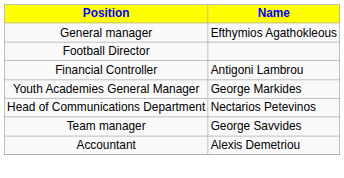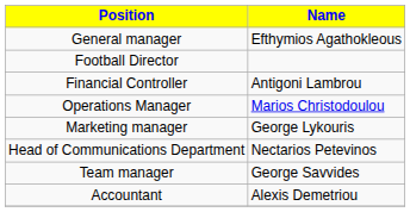 <table class="wikitable plainrowheaders sortable">
 <tr>
 <th style="background:#FFFF00; color:	#0000FF; ">Position</th>
 <th style="background:#FFFF00; color:	#0000FF; ">Name</th>
 </tr>
 <tr>
 <td align=center>General manager</td>
 <td align=left> Efthymios Agathokleous</td>
 </tr>
 <tr>
 <td align=center>Football Director</td>
 <td></td>
 </tr>
 <tr>
 <td align=center>Financial Controller</td>
 <td align=left> Antigoni Lambrou</td>
 </tr>
 <tr>
-<td align=center>Youth Academies General Manager</td>
-<td align=left> George Markides</td>
+<td align=center>Operations Manager</td>
+<td align=left> <a href='#'>Marios Christodoulou</a></td>
+</tr>
+<tr>
+<td align=center>Marketing manager</td>
+<td align=left> George Lykouris</td>
 </tr>
 <tr>
 <td align=center>Head of Communications Department</td>
 <td align=left> Nectarios Petevinos</td>
 </tr>
 <tr>
 <td align=center>Team manager</td>
 <td align=left> George Savvides</td>
 </tr>
 <tr>
 <td align=center>Accountant</td>
 <td align=left> Alexis Demetriou</td>
 </tr>
 <tr>
 </tr>
 </table>
